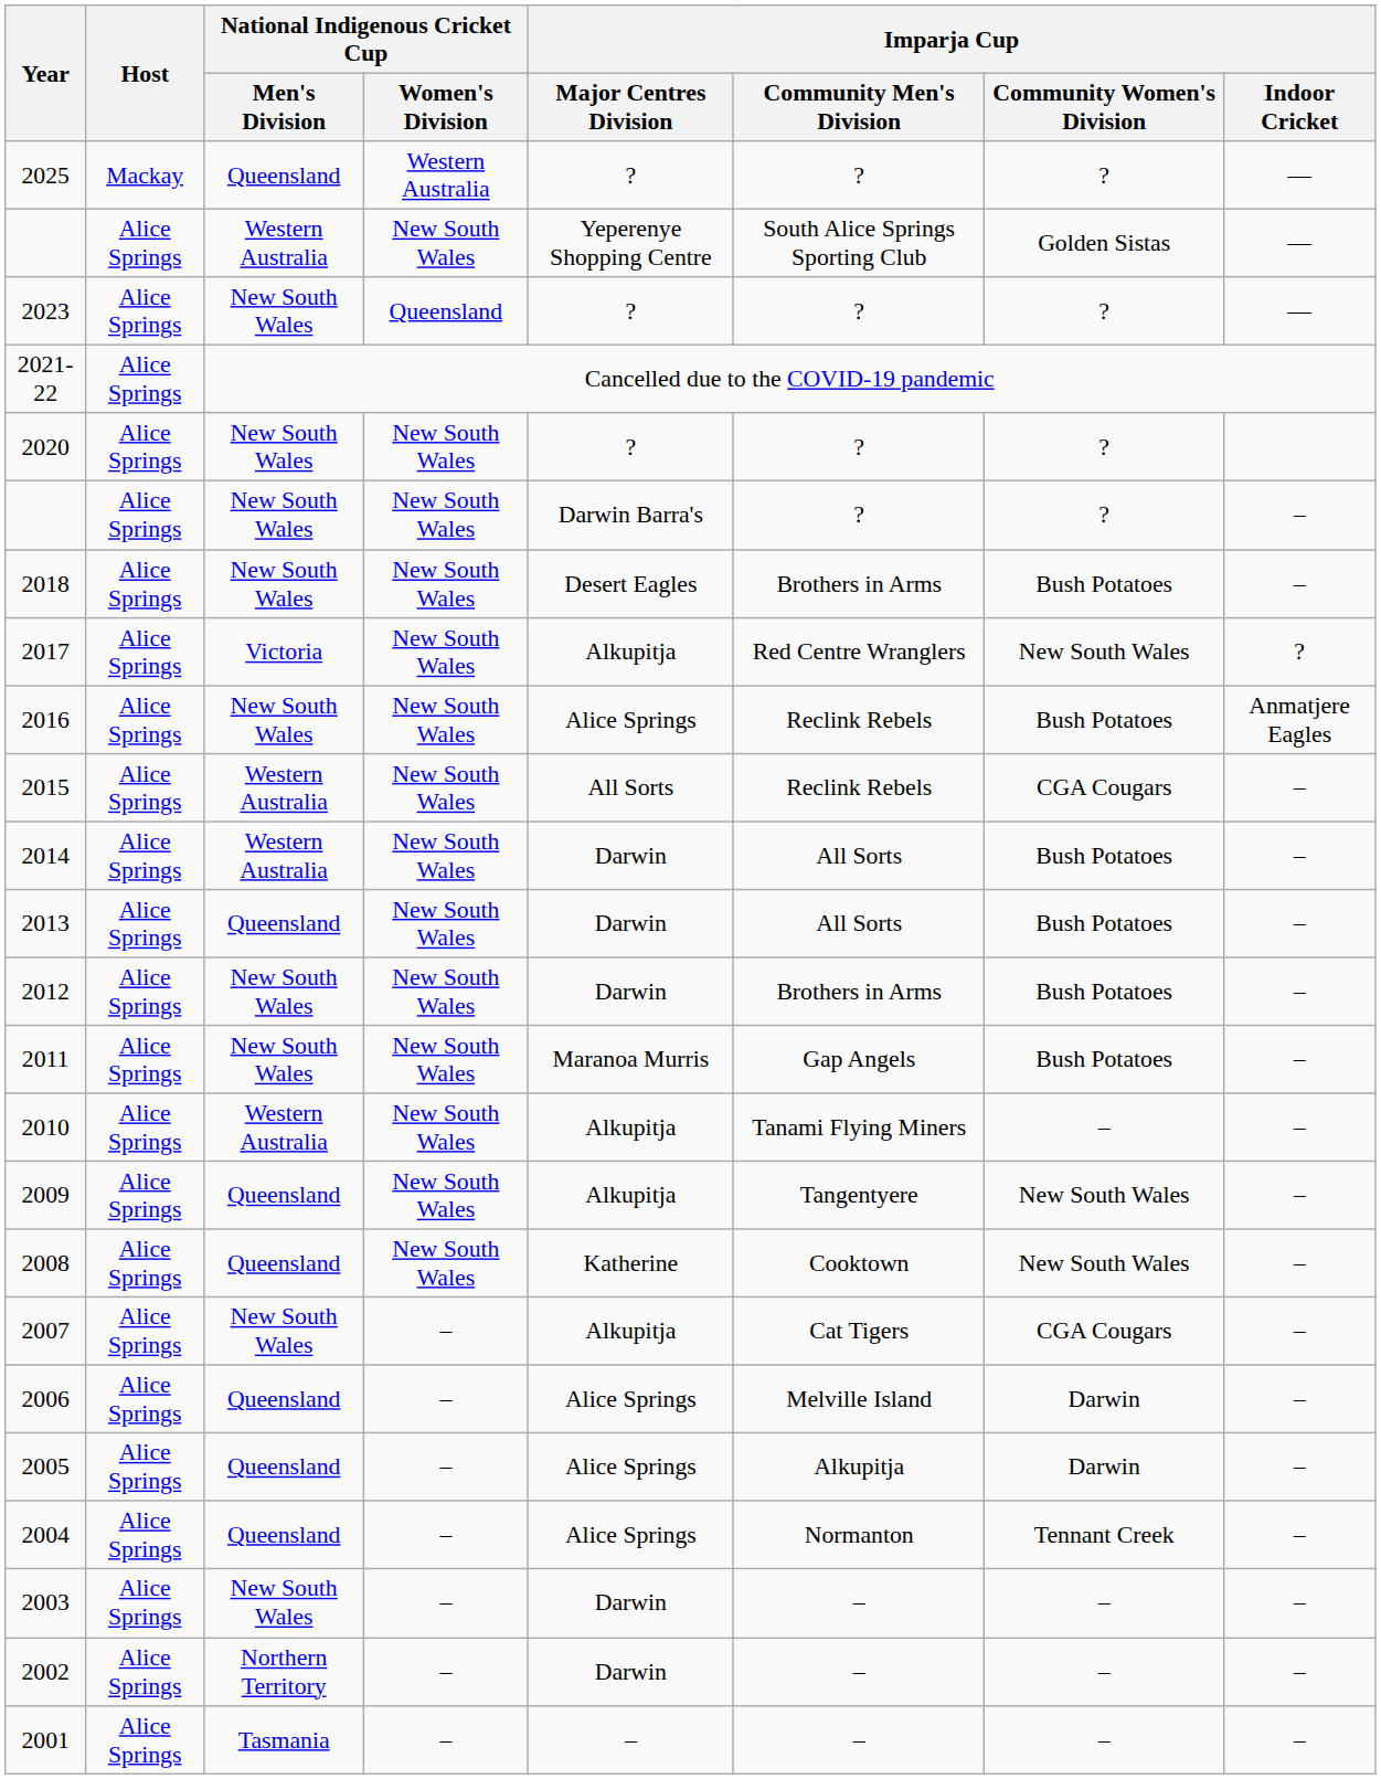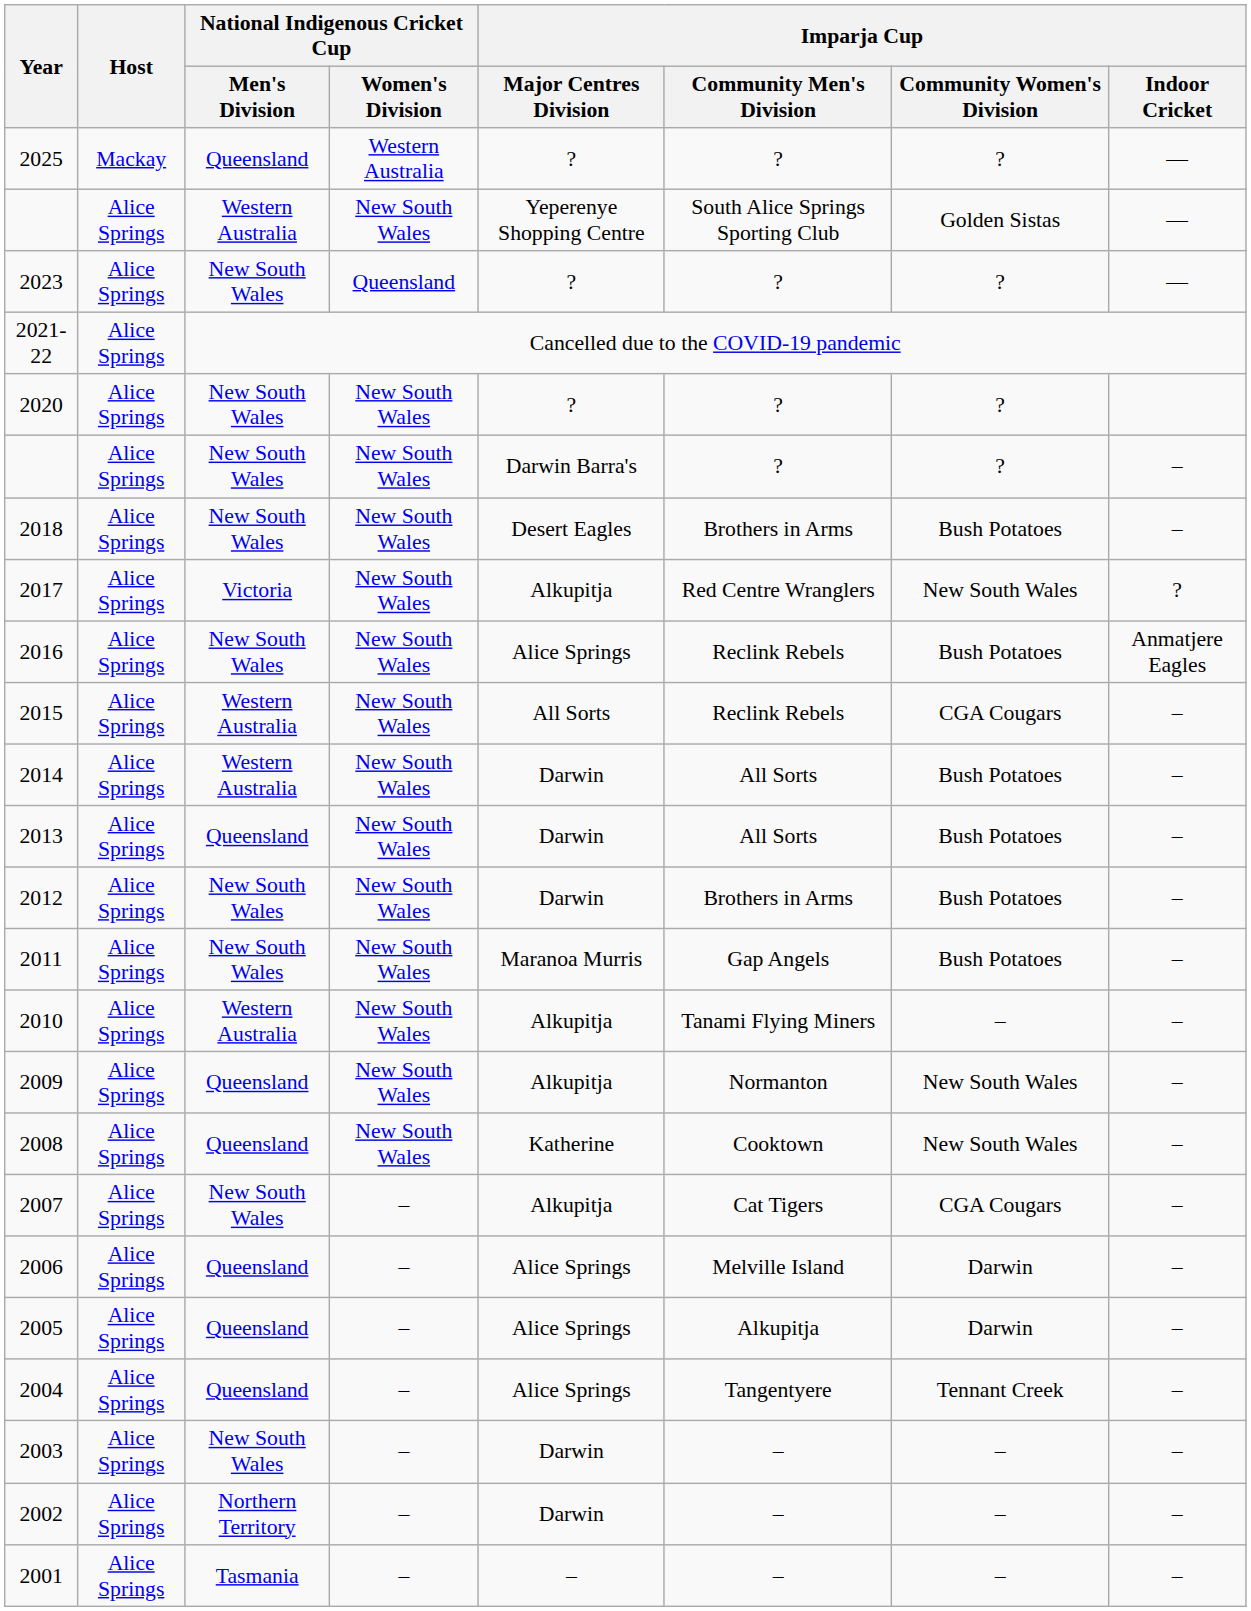 <table class="wikitable" style="font-size: 95%; text-align:center">
 <tr>
 <th rowspan= 2>Year</th>
 <th rowspan= 2>Host</th>
 <th colspan=2>National Indigenous Cricket Cup</th>
 <th colspan=4>Imparja Cup</th>
 </tr>
 <tr>
 <th>Men's Division</th>
 <th>Women's Division</th>
 <th>Major Centres Division</th>
 <th>Community Men's Division</th>
 <th>Community Women's Division</th>
 <th>Indoor Cricket</th>
 </tr>
 <tr>
 <td>2025</td>
 <td><a href='#'>Mackay</a></td>
 <td><a href='#'>Queensland</a></td>
 <td><a href='#'>Western Australia</a></td>
 <td>?</td>
 <td>?</td>
 <td>?</td>
 <td>—</td>
 </tr>
 <tr>
 <td></td>
 <td><a href='#'>Alice Springs</a></td>
 <td><a href='#'>Western Australia</a></td>
 <td><a href='#'>New South Wales</a></td>
 <td>Yeperenye Shopping Centre</td>
 <td>South Alice Springs Sporting Club</td>
 <td>Golden Sistas</td>
 <td>—</td>
 </tr>
 <tr>
 <td>2023</td>
 <td><a href='#'>Alice Springs</a></td>
 <td><a href='#'>New South Wales</a></td>
 <td><a href='#'>Queensland</a></td>
 <td>?</td>
 <td>?</td>
 <td>?</td>
 <td>—</td>
 </tr>
 <tr>
 <td>2021-22</td>
 <td><a href='#'>Alice Springs</a></td>
 <td colspan=6>Cancelled due to the <a href='#'>COVID-19 pandemic</a></td>
 </tr>
 <tr>
 <td>2020</td>
 <td><a href='#'>Alice Springs</a></td>
 <td><a href='#'>New South Wales</a></td>
 <td><a href='#'>New South Wales</a></td>
 <td>?</td>
 <td>?</td>
 <td>?</td>
 </tr>
 <tr>
 <td></td>
 <td><a href='#'>Alice Springs</a></td>
 <td><a href='#'>New South Wales</a></td>
 <td><a href='#'>New South Wales</a></td>
 <td>Darwin Barra's</td>
 <td>?</td>
 <td>?</td>
 <td>–</td>
 </tr>
 <tr>
 <td>2018</td>
 <td><a href='#'>Alice Springs</a></td>
 <td><a href='#'>New South Wales</a></td>
 <td><a href='#'>New South Wales</a></td>
 <td>Desert Eagles</td>
 <td>Brothers in Arms</td>
 <td>Bush Potatoes</td>
 <td>–</td>
 </tr>
 <tr>
 <td>2017</td>
 <td><a href='#'>Alice Springs</a></td>
 <td><a href='#'>Victoria</a></td>
 <td><a href='#'>New South Wales</a></td>
 <td>Alkupitja</td>
 <td>Red Centre Wranglers</td>
 <td>New South Wales</td>
 <td>?</td>
 </tr>
 <tr>
 <td>2016</td>
 <td><a href='#'>Alice Springs</a></td>
 <td><a href='#'>New South Wales</a></td>
 <td><a href='#'>New South Wales</a></td>
 <td>Alice Springs</td>
 <td>Reclink Rebels</td>
 <td>Bush Potatoes</td>
 <td>Anmatjere Eagles</td>
 </tr>
 <tr>
 <td>2015</td>
 <td><a href='#'>Alice Springs</a></td>
 <td><a href='#'>Western Australia</a></td>
 <td><a href='#'>New South Wales</a></td>
 <td>All Sorts</td>
 <td>Reclink Rebels</td>
 <td>CGA Cougars</td>
 <td style="text-align:center;">–</td>
 </tr>
 <tr>
 <td>2014</td>
 <td><a href='#'>Alice Springs</a></td>
 <td><a href='#'>Western Australia</a></td>
 <td><a href='#'>New South Wales</a></td>
 <td>Darwin</td>
 <td>All Sorts</td>
 <td>Bush Potatoes</td>
 <td style="text-align:center;">–</td>
 </tr>
 <tr>
 <td>2013</td>
 <td><a href='#'>Alice Springs</a></td>
 <td><a href='#'>Queensland</a></td>
 <td><a href='#'>New South Wales</a></td>
 <td>Darwin</td>
 <td>All Sorts</td>
 <td>Bush Potatoes</td>
 <td style="text-align:center;">–</td>
 </tr>
 <tr>
 <td>2012</td>
 <td><a href='#'>Alice Springs</a></td>
 <td><a href='#'>New South Wales</a></td>
 <td><a href='#'>New South Wales</a></td>
 <td>Darwin</td>
 <td>Brothers in Arms</td>
 <td>Bush Potatoes</td>
 <td style="text-align:center;">–</td>
 </tr>
 <tr>
 <td>2011</td>
 <td><a href='#'>Alice Springs</a></td>
 <td><a href='#'>New South Wales</a></td>
 <td><a href='#'>New South Wales</a></td>
 <td>Maranoa Murris</td>
 <td>Gap Angels</td>
 <td>Bush Potatoes</td>
 <td style="text-align:center;">–</td>
 </tr>
 <tr>
 <td>2010</td>
 <td><a href='#'>Alice Springs</a></td>
 <td><a href='#'>Western Australia</a></td>
 <td><a href='#'>New South Wales</a></td>
 <td>Alkupitja</td>
 <td>Tanami Flying Miners</td>
 <td style="text-align:center;">–</td>
 <td style="text-align:center;">–</td>
 </tr>
 <tr>
 <td>2009</td>
 <td><a href='#'>Alice Springs</a></td>
 <td><a href='#'>Queensland</a></td>
 <td><a href='#'>New South Wales</a></td>
 <td>Alkupitja</td>
-<td>Tangentyere</td>
+<td>Normanton</td>
 <td>New South Wales</td>
 <td style="text-align:center;">–</td>
 </tr>
 <tr>
 <td>2008</td>
 <td><a href='#'>Alice Springs</a></td>
 <td><a href='#'>Queensland</a></td>
 <td><a href='#'>New South Wales</a></td>
 <td>Katherine</td>
 <td>Cooktown</td>
 <td>New South Wales</td>
 <td style="text-align:center;">–</td>
 </tr>
 <tr>
 <td>2007</td>
 <td><a href='#'>Alice Springs</a></td>
 <td><a href='#'>New South Wales</a></td>
 <td style="text-align:center;">–</td>
 <td>Alkupitja</td>
 <td>Cat Tigers</td>
 <td>CGA Cougars</td>
 <td style="text-align:center;">–</td>
 </tr>
 <tr>
 <td>2006</td>
 <td><a href='#'>Alice Springs</a></td>
 <td><a href='#'>Queensland</a></td>
 <td style="text-align:center;">–</td>
 <td>Alice Springs</td>
 <td>Melville Island</td>
 <td>Darwin</td>
 <td style="text-align:center;">–</td>
 </tr>
 <tr>
 <td>2005</td>
 <td><a href='#'>Alice Springs</a></td>
 <td><a href='#'>Queensland</a></td>
 <td style="text-align:center;">–</td>
 <td>Alice Springs</td>
 <td>Alkupitja</td>
 <td>Darwin</td>
 <td style="text-align:center;">–</td>
 </tr>
 <tr>
 <td>2004</td>
 <td><a href='#'>Alice Springs</a></td>
 <td><a href='#'>Queensland</a></td>
 <td style="text-align:center;">–</td>
 <td>Alice Springs</td>
-<td>Normanton</td>
+<td>Tangentyere</td>
 <td>Tennant Creek</td>
 <td style="text-align:center;">–</td>
 </tr>
 <tr>
 <td>2003</td>
 <td><a href='#'>Alice Springs</a></td>
 <td><a href='#'>New South Wales</a></td>
 <td style="text-align:center;">–</td>
 <td>Darwin</td>
 <td style="text-align:center;">–</td>
 <td style="text-align:center;">–</td>
 <td style="text-align:center;">–</td>
 </tr>
 <tr>
 <td>2002</td>
 <td><a href='#'>Alice Springs</a></td>
 <td><a href='#'>Northern Territory</a></td>
 <td style="text-align:center;">–</td>
 <td>Darwin</td>
 <td style="text-align:center;">–</td>
 <td style="text-align:center;">–</td>
 <td style="text-align:center;">–</td>
 </tr>
 <tr>
 <td>2001</td>
 <td><a href='#'>Alice Springs</a></td>
 <td><a href='#'>Tasmania</a></td>
 <td style="text-align:center;">–</td>
 <td style="text-align:center;">–</td>
 <td style="text-align:center;">–</td>
 <td style="text-align:center;">–</td>
 <td style="text-align:center;">–</td>
 </tr>
 </table>
